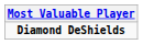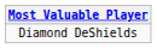 <table class=wikitable style="text-align:center; margin:auto">
 <tr>
 <th><a href='#'>Most Valuable Player</a></th>
 </tr>
 <tr>
-<td><strong> Diamond DeShields</strong></td>
+<td> Diamond DeShields</td>
 </tr>
 </table>
